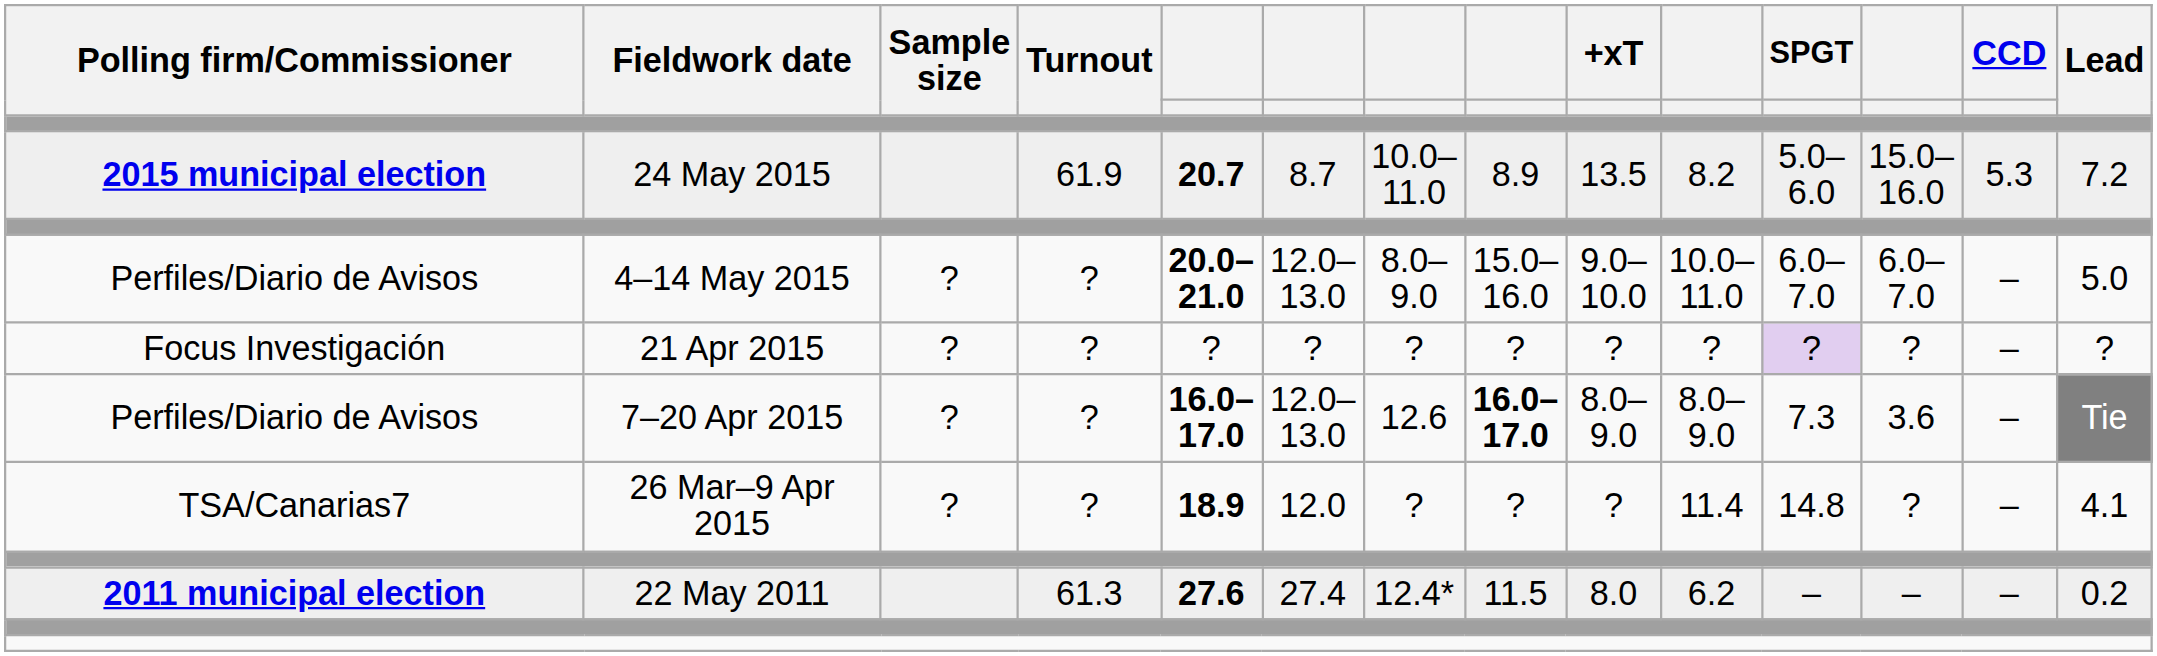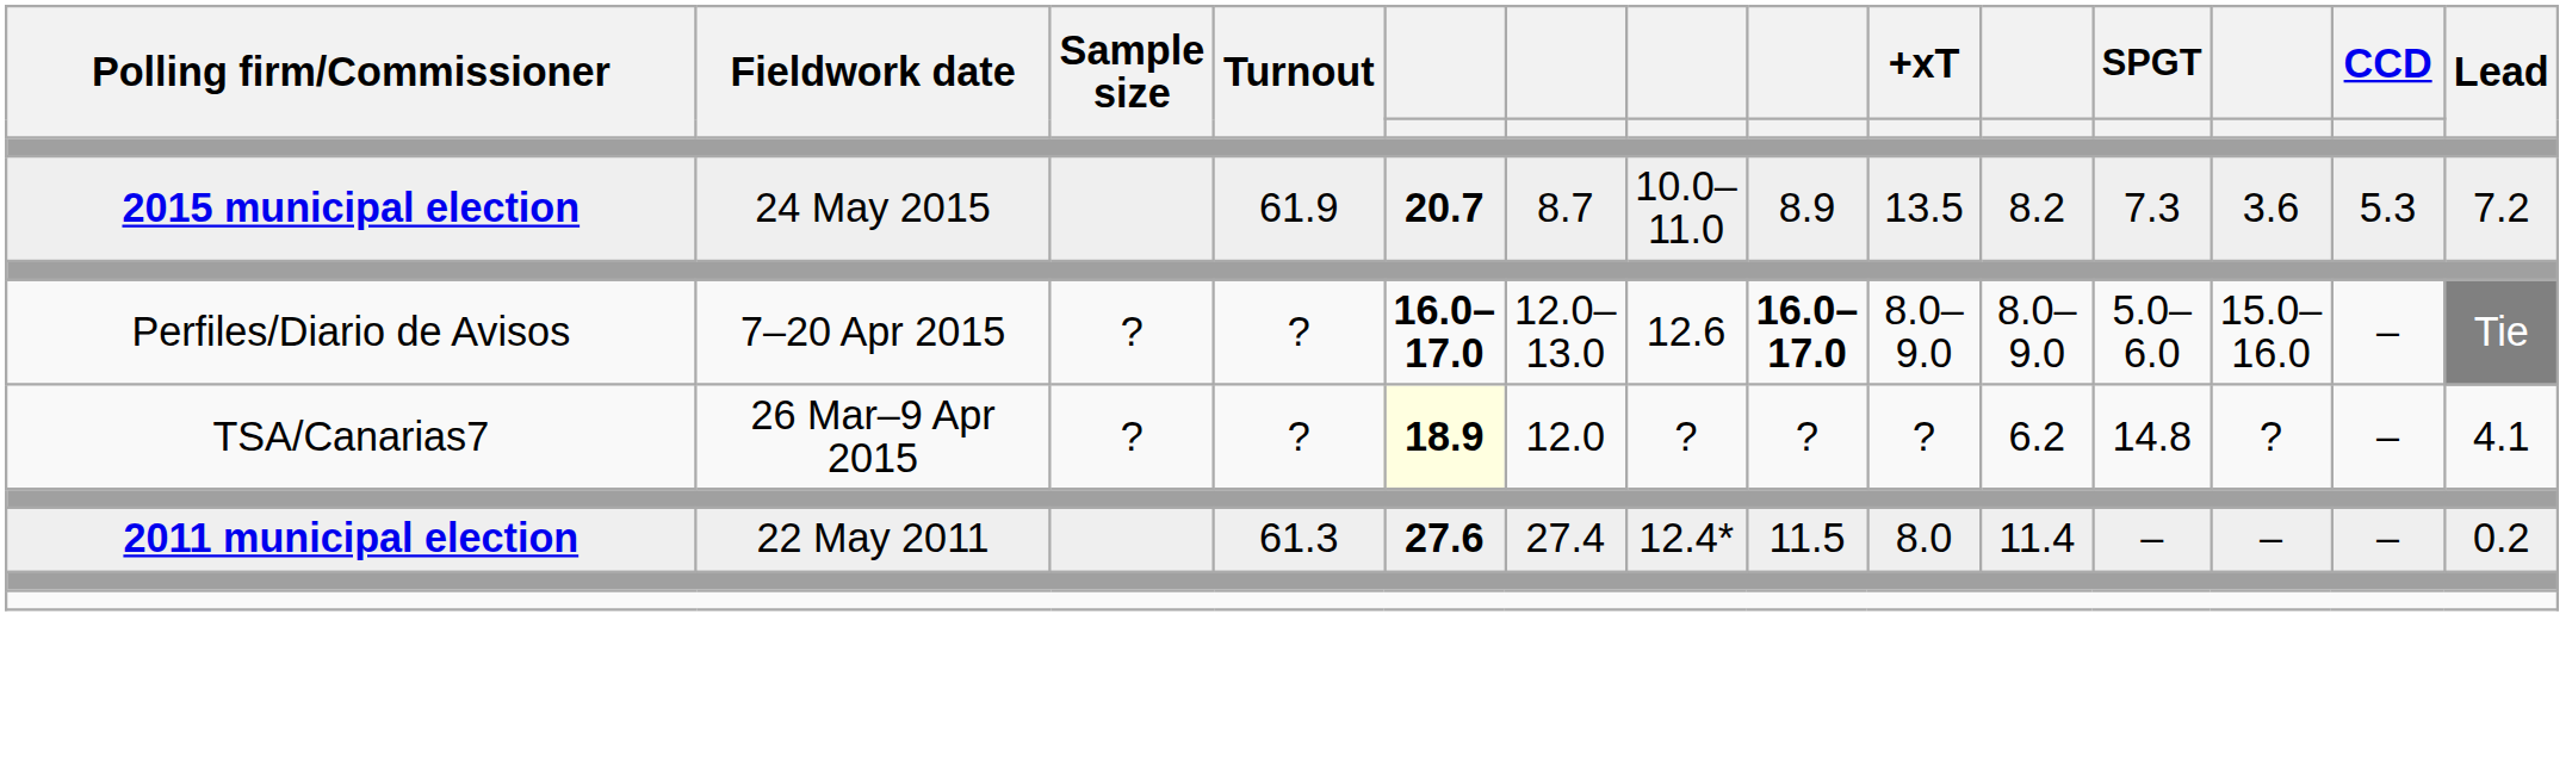 <table class="wikitable collapsible collapsed" style="text-align:center; font-size:95%; line-height:16px;">
 <tr style="height:42px;">
 <th style="width:250px;" rowspan="2">Polling firm/Commissioner</th>
 <th style="width:125px;" rowspan="2">Fieldwork date</th>
 <th style="width:50px;" rowspan="2">Sample size</th>
 <th style="width:45px;" rowspan="2">Turnout</th>
 <th style="width:35px;"></th>
 <th style="width:35px;"></th>
 <th style="width:35px;"></th>
 <th style="width:35px;"></th>
 <th style="width:35px;">+xT</th>
 <th style="width:35px;"></th>
 <th style="width:35px; font-size:90%;">SPGT</th>
 <th style="width:35px;"></th>
 <th style="width:35px;"><a href='#'>CCD</a></th>
 <th style="width:30px;" rowspan="2">Lead</th>
 </tr>
 <tr>
 <th style="color:inherit;background:"></th>
 <th style="color:inherit;background:"></th>
 <th style="color:inherit;background:"></th>
 <th style="color:inherit;background:"></th>
 <th style="color:inherit;background:"></th>
 <th style="color:inherit;background:"></th>
 <th style="color:inherit;background:"></th>
 <th style="color:inherit;background:"></th>
 <th style="color:inherit;background:"></th>
 </tr>
 <tr>
 <td colspan="14" style="background:#A0A0A0"></td>
 </tr>
 <tr style="background:#EFEFEF;">
 <td><strong><a href='#'>2015 municipal election</a></strong></td>
 <td>24 May 2015</td>
 <td></td>
 <td>61.9</td>
 <td><strong>20.7</strong><br></td>
 <td>8.7<br></td>
 <td>10.0–<br>11.0<br></td>
 <td>8.9<br></td>
 <td>13.5<br></td>
 <td>8.2<br></td>
-<td>5.0–<br>6.0<br></td>
-<td>15.0–<br>16.0<br></td>
+<td>7.3<br></td>
+<td>3.6<br></td>
 <td>5.3<br></td>
 <td style="background:">7.2</td>
 </tr>
 <tr>
 <td colspan="14" style="background:#A0A0A0"></td>
-</tr>
-<tr>
-<td>Perfiles/Diario de Avisos</td>
-<td>4–14 May 2015</td>
-<td>?</td>
-<td>?</td>
-<td><strong>20.0–<br>21.0</strong><br></td>
-<td>12.0–<br>13.0<br></td>
-<td>8.0–<br>9.0<br></td>
-<td>15.0–<br>16.0<br></td>
-<td>9.0–<br>10.0<br></td>
-<td>10.0–<br>11.0<br></td>
-<td>6.0–<br>7.0<br></td>
-<td>6.0–<br>7.0<br></td>
-<td>–</td>
-<td style="background:">5.0</td>
-</tr>
-<tr>
-<td>Focus Investigación</td>
-<td>21 Apr 2015</td>
-<td>?</td>
-<td>?</td>
-<td>?<br></td>
-<td>?<br></td>
-<td>?<br></td>
-<td>?<br></td>
-<td>?<br></td>
-<td>?<br></td>
-<td style="background:#E1CEF0">?<br></td>
-<td>?<br></td>
-<td>–</td>
-<td style="background:">?</td>
 </tr>
 <tr>
 <td>Perfiles/Diario de Avisos</td>
 <td>7–20 Apr 2015</td>
 <td>?</td>
 <td>?</td>
 <td><strong>16.0–<br>17.0</strong><br></td>
 <td>12.0–<br>13.0<br></td>
 <td>12.6<br></td>
 <td><strong>16.0–<br>17.0</strong><br></td>
 <td>8.0–<br>9.0<br></td>
 <td>8.0–<br>9.0<br></td>
-<td>7.3<br></td>
-<td>3.6<br></td>
+<td>5.0–<br>6.0<br></td>
+<td>15.0–<br>16.0<br></td>
 <td>–</td>
 <td style="background:gray; color:white;">Tie</td>
 </tr>
 <tr>
 <td>TSA/Canarias7</td>
 <td>26 Mar–9 Apr 2015</td>
 <td>?</td>
 <td>?</td>
-<td><strong>18.9</strong><br></td>
+<td style="background: lightyellow;"><strong>18.9</strong><br></td>
 <td>12.0<br></td>
 <td>?<br></td>
 <td>?<br></td>
 <td>?<br></td>
-<td>11.4<br></td>
+<td>6.2<br></td>
 <td>14.8<br></td>
 <td>?<br></td>
 <td>–</td>
 <td style="background:">4.1</td>
 </tr>
 <tr>
 <td colspan="14" style="background:#A0A0A0"></td>
 </tr>
 <tr style="background:#EFEFEF;">
 <td><strong><a href='#'>2011 municipal election</a></strong></td>
 <td>22 May 2011</td>
 <td></td>
 <td>61.3</td>
 <td><strong>27.6</strong><br></td>
 <td>27.4<br></td>
 <td>12.4*<br></td>
 <td>11.5<br></td>
 <td>8.0<br></td>
-<td>6.2<br></td>
+<td>11.4<br></td>
 <td>–</td>
 <td>–</td>
 <td>–</td>
 <td style="background:">0.2</td>
 </tr>
 <tr>
 <td colspan="14" style="background:#A0A0A0"></td>
 </tr>
 <tr>
 <td align="left" colspan="14"></td>
 </tr>
 </table>
